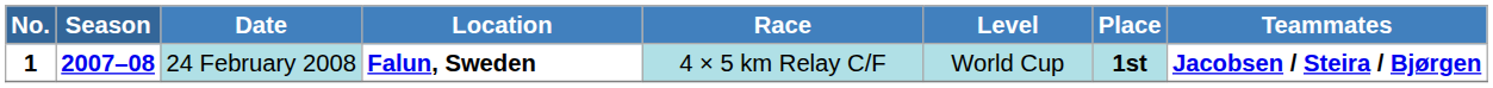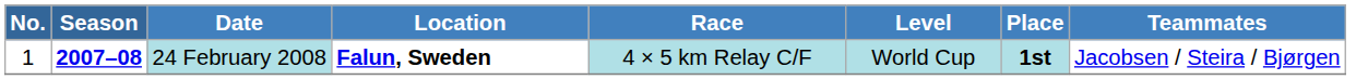 <table class="wikitable sortable" style="font-size:95%; text-align:center; border:grey solid 1px; border-collapse:collapse; background:#ffffff;">
 <tr style="background:#efefef;">
 <th style="background-color:#369; color:white;">No.</th>
 <th style="background-color:#369; color:white;">Season</th>
 <th style="background-color:#4180be; color:white; width:120px;">Date</th>
 <th style="background-color:#4180be; color:white; width:170px;">Location</th>
 <th style="background-color:#4180be; color:white; width:170px;">Race</th>
 <th style="background-color:#4180be; color:white; width:100px;">Level</th>
 <th style="background-color:#4180be; color:white;">Place</th>
 <th style="background-color:#4180be; color:white;">Teammates</th>
 </tr>
 <tr>
-<td align=center><strong>1</strong></td>
+<td align=center>1</td>
 <td rowspan=1 align=center><strong><a href='#'>2007–08</a></strong></td>
 <td bgcolor="#BOEOE6" align=right>24 February 2008</td>
 <td align=left><strong> <a href='#'>Falun</a>, Sweden</strong></td>
 <td bgcolor="#BOEOE6">4 × 5 km Relay C/F</td>
 <td bgcolor="#BOEOE6">World Cup</td>
 <td bgcolor="#BOEOE6"><strong>1st</strong></td>
-<td><strong><a href='#'>Jacobsen</a> / <a href='#'>Steira</a> / <a href='#'>Bjørgen</a></strong></td>
+<td><a href='#'>Jacobsen</a> / <a href='#'>Steira</a> / <a href='#'>Bjørgen</a></td>
 </tr>
 <tr>
 </tr>
 </table>
